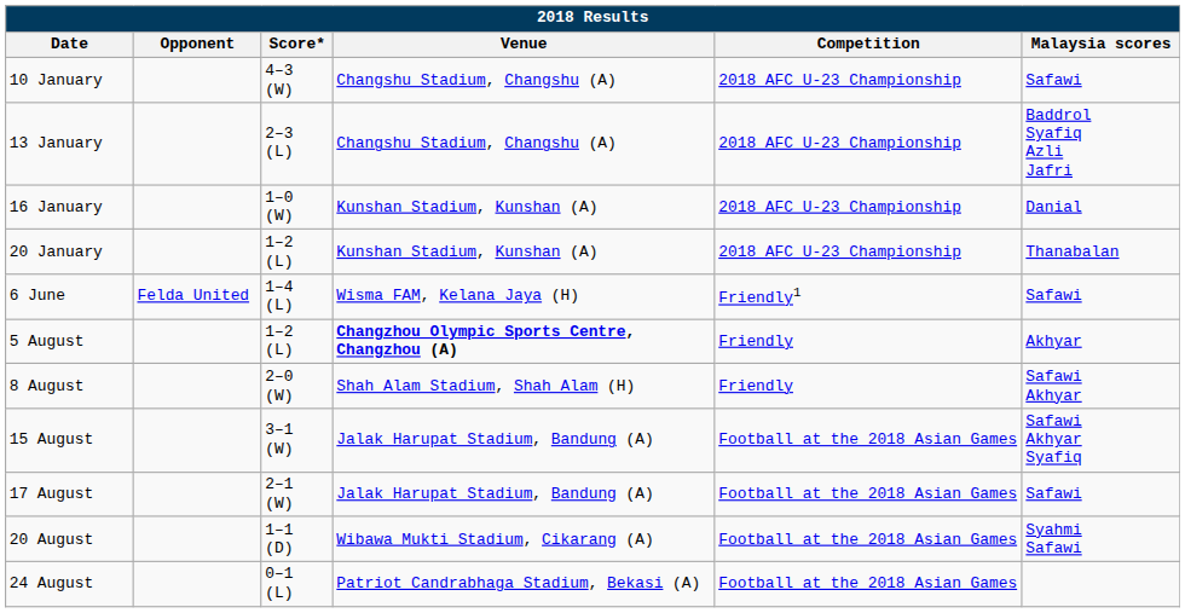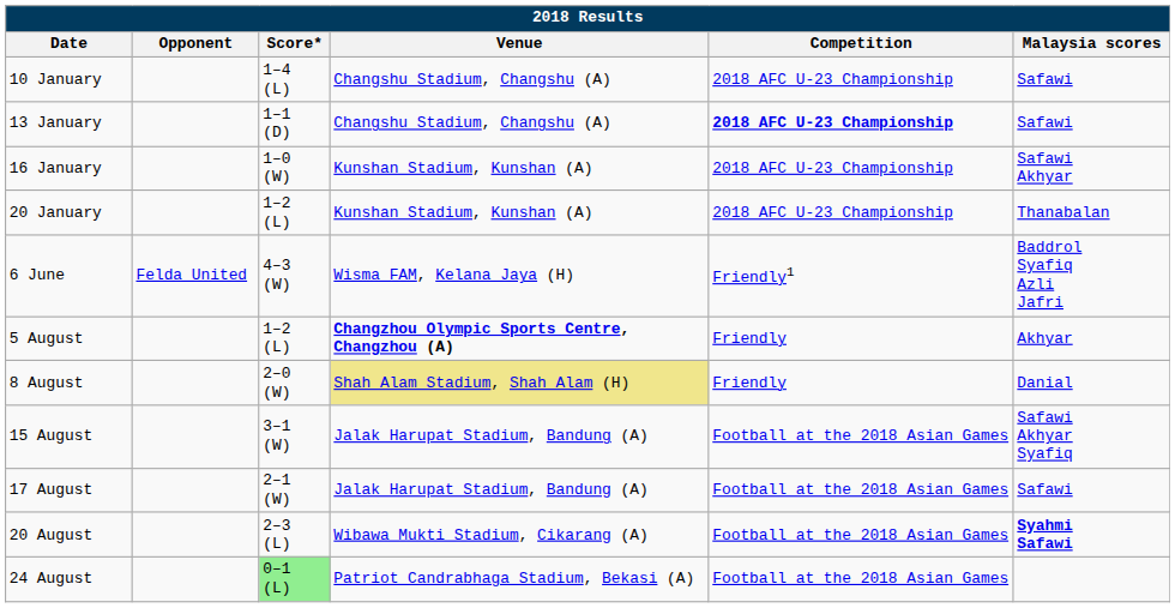 <table class="wikitable" width=100% style="text-align:left;font-size:90%;">
 <tr>
 <th colspan=9 style="background: #013A5E; color: #FFFFFF;">2018 Results</th>
 </tr>
 <tr>
 <th width=80>Date</th>
 <th width=80>Opponent</th>
 <th width=20>Score*</th>
 <th width=250>Venue</th>
 <th width=200>Competition</th>
 <th width=100>Malaysia scores</th>
 </tr>
 <tr>
 <td>10 January</td>
 <td></td>
-<td>4–3 (W)</td>
+<td>1–4 (L)</td>
 <td><a href='#'>Changshu Stadium</a>, <a href='#'>Changshu</a> (A)</td>
 <td><a href='#'>2018 AFC U-23 Championship</a></td>
 <td><a href='#'>Safawi</a> </td>
 </tr>
 <tr>
 <td>13 January</td>
 <td></td>
-<td>2–3 (L)</td>
+<td>1–1 (D)</td>
 <td><a href='#'>Changshu Stadium</a>, <a href='#'>Changshu</a> (A)</td>
-<td><a href='#'>2018 AFC U-23 Championship</a></td>
-<td><a href='#'>Baddrol</a> <br><a href='#'>Syafiq</a> <br><a href='#'>Azli</a> <br><a href='#'>Jafri</a> </td>
+<td><strong><a href='#'>2018 AFC U-23 Championship</a></strong></td>
+<td><a href='#'>Safawi</a> </td>
 </tr>
 <tr>
 <td>16 January</td>
 <td></td>
 <td>1–0 (W)</td>
 <td><a href='#'>Kunshan Stadium</a>, <a href='#'>Kunshan</a> (A)</td>
 <td><a href='#'>2018 AFC U-23 Championship</a></td>
-<td><a href='#'>Danial</a> </td>
+<td><a href='#'>Safawi</a> <br><a href='#'>Akhyar</a> </td>
 </tr>
 <tr>
 <td>20 January</td>
 <td></td>
 <td>1–2 (L)</td>
 <td><a href='#'>Kunshan Stadium</a>, <a href='#'>Kunshan</a> (A)</td>
 <td><a href='#'>2018 AFC U-23 Championship</a></td>
 <td><a href='#'>Thanabalan</a> </td>
 </tr>
 <tr>
 <td>6 June</td>
 <td> <a href='#'>Felda United</a></td>
-<td>1–4 (L)</td>
+<td>4–3 (W)</td>
 <td><a href='#'>Wisma FAM</a>, <a href='#'>Kelana Jaya</a> (H)</td>
 <td><a href='#'>Friendly</a><sup>1</sup></td>
-<td><a href='#'>Safawi</a> </td>
+<td><a href='#'>Baddrol</a> <br><a href='#'>Syafiq</a> <br><a href='#'>Azli</a> <br><a href='#'>Jafri</a> </td>
 </tr>
 <tr>
 <td>5 August</td>
 <td></td>
 <td>1–2 (L)</td>
 <td><strong><a href='#'>Changzhou Olympic Sports Centre</a>, <a href='#'>Changzhou</a> (A)</strong></td>
 <td><a href='#'>Friendly</a></td>
 <td><a href='#'>Akhyar</a> </td>
 </tr>
 <tr>
 <td>8 August</td>
 <td></td>
 <td>2–0 (W)</td>
-<td><a href='#'>Shah Alam Stadium</a>, <a href='#'>Shah Alam</a> (H)</td>
+<td style="background: khaki;"><a href='#'>Shah Alam Stadium</a>, <a href='#'>Shah Alam</a> (H)</td>
 <td><a href='#'>Friendly</a></td>
-<td><a href='#'>Safawi</a> <br><a href='#'>Akhyar</a> </td>
+<td><a href='#'>Danial</a> </td>
 </tr>
 <tr>
 <td>15 August</td>
 <td></td>
 <td>3–1 (W)</td>
 <td><a href='#'>Jalak Harupat Stadium</a>, <a href='#'>Bandung</a> (A)</td>
 <td><a href='#'>Football at the 2018 Asian Games</a></td>
 <td><a href='#'>Safawi</a> <br><a href='#'>Akhyar</a> <br><a href='#'>Syafiq</a> </td>
 </tr>
 <tr>
 <td>17 August</td>
 <td></td>
 <td>2–1 (W)</td>
 <td><a href='#'>Jalak Harupat Stadium</a>, <a href='#'>Bandung</a> (A)</td>
 <td><a href='#'>Football at the 2018 Asian Games</a></td>
 <td><a href='#'>Safawi</a> </td>
 </tr>
 <tr>
 <td>20 August</td>
 <td></td>
-<td>1–1 (D)</td>
+<td>2–3 (L)</td>
 <td><a href='#'>Wibawa Mukti Stadium</a>, <a href='#'>Cikarang</a> (A)</td>
 <td><a href='#'>Football at the 2018 Asian Games</a></td>
-<td><a href='#'>Syahmi</a> <br><a href='#'>Safawi</a> </td>
+<td><strong><a href='#'>Syahmi</a> <br><a href='#'>Safawi</a> </strong></td>
 </tr>
 <tr>
 <td>24 August</td>
 <td></td>
-<td>0–1 (L)</td>
+<td style="background: lightgreen;">0–1 (L)</td>
 <td><a href='#'>Patriot Candrabhaga Stadium</a>, <a href='#'>Bekasi</a> (A)</td>
 <td><a href='#'>Football at the 2018 Asian Games</a></td>
 <td></td>
 </tr>
 </table>
